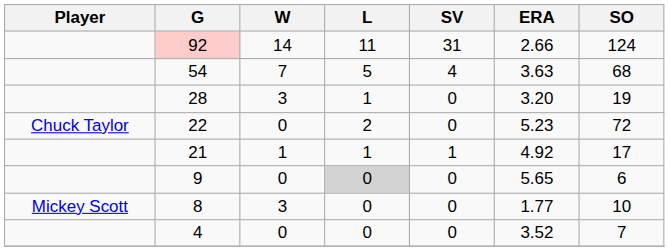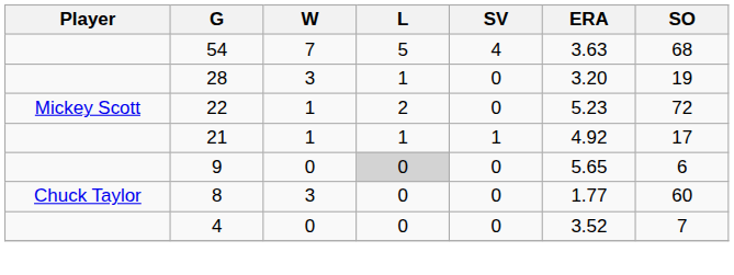 <table class="wikitable sortable">
 <tr>
 <th bgcolor="#DDDDFF" width="16%">Player</th>
 <th bgcolor="#DDDDFF" width="9%">G</th>
 <th bgcolor="#DDDDFF" width="9%">W</th>
 <th bgcolor="#DDDDFF" width="9%">L</th>
 <th bgcolor="#DDDDFF" width="9%">SV</th>
 <th bgcolor="#DDDDFF" width="9%">ERA</th>
 <th bgcolor="#DDDDFF" width="9%">SO</th>
-</tr>
-<tr align="center">
-<td></td>
-<td style="background:#ffcccc;">92</td>
-<td>14</td>
-<td>11</td>
-<td>31</td>
-<td>2.66</td>
-<td>124</td>
 </tr>
 <tr align="center">
 <td></td>
 <td>54</td>
 <td>7</td>
 <td>5</td>
 <td>4</td>
 <td>3.63</td>
 <td>68</td>
 </tr>
 <tr align="center">
 <td></td>
 <td>28</td>
 <td>3</td>
 <td>1</td>
 <td>0</td>
 <td>3.20</td>
 <td>19</td>
 </tr>
 <tr align="center">
-<td><a href='#'>Chuck Taylor</a></td>
+<td><a href='#'>Mickey Scott</a></td>
 <td>22</td>
-<td>0</td>
+<td>1</td>
 <td>2</td>
 <td>0</td>
 <td>5.23</td>
 <td>72</td>
 </tr>
 <tr align=center>
 <td></td>
 <td>21</td>
 <td>1</td>
 <td>1</td>
 <td>1</td>
 <td>4.92</td>
 <td>17</td>
 </tr>
 <tr align="center">
 <td></td>
 <td>9</td>
 <td>0</td>
 <td style="background: lightgrey;">0</td>
 <td>0</td>
 <td>5.65</td>
 <td>6</td>
 </tr>
 <tr align="center">
-<td><a href='#'>Mickey Scott</a></td>
+<td><a href='#'>Chuck Taylor</a></td>
 <td>8</td>
 <td>3</td>
 <td>0</td>
 <td>0</td>
 <td>1.77</td>
-<td>10</td>
+<td>60</td>
 </tr>
 <tr align=center>
 <td></td>
 <td>4</td>
 <td>0</td>
 <td>0</td>
 <td>0</td>
 <td>3.52</td>
 <td>7</td>
 </tr>
 <tr align="center">
 </tr>
 </table>
